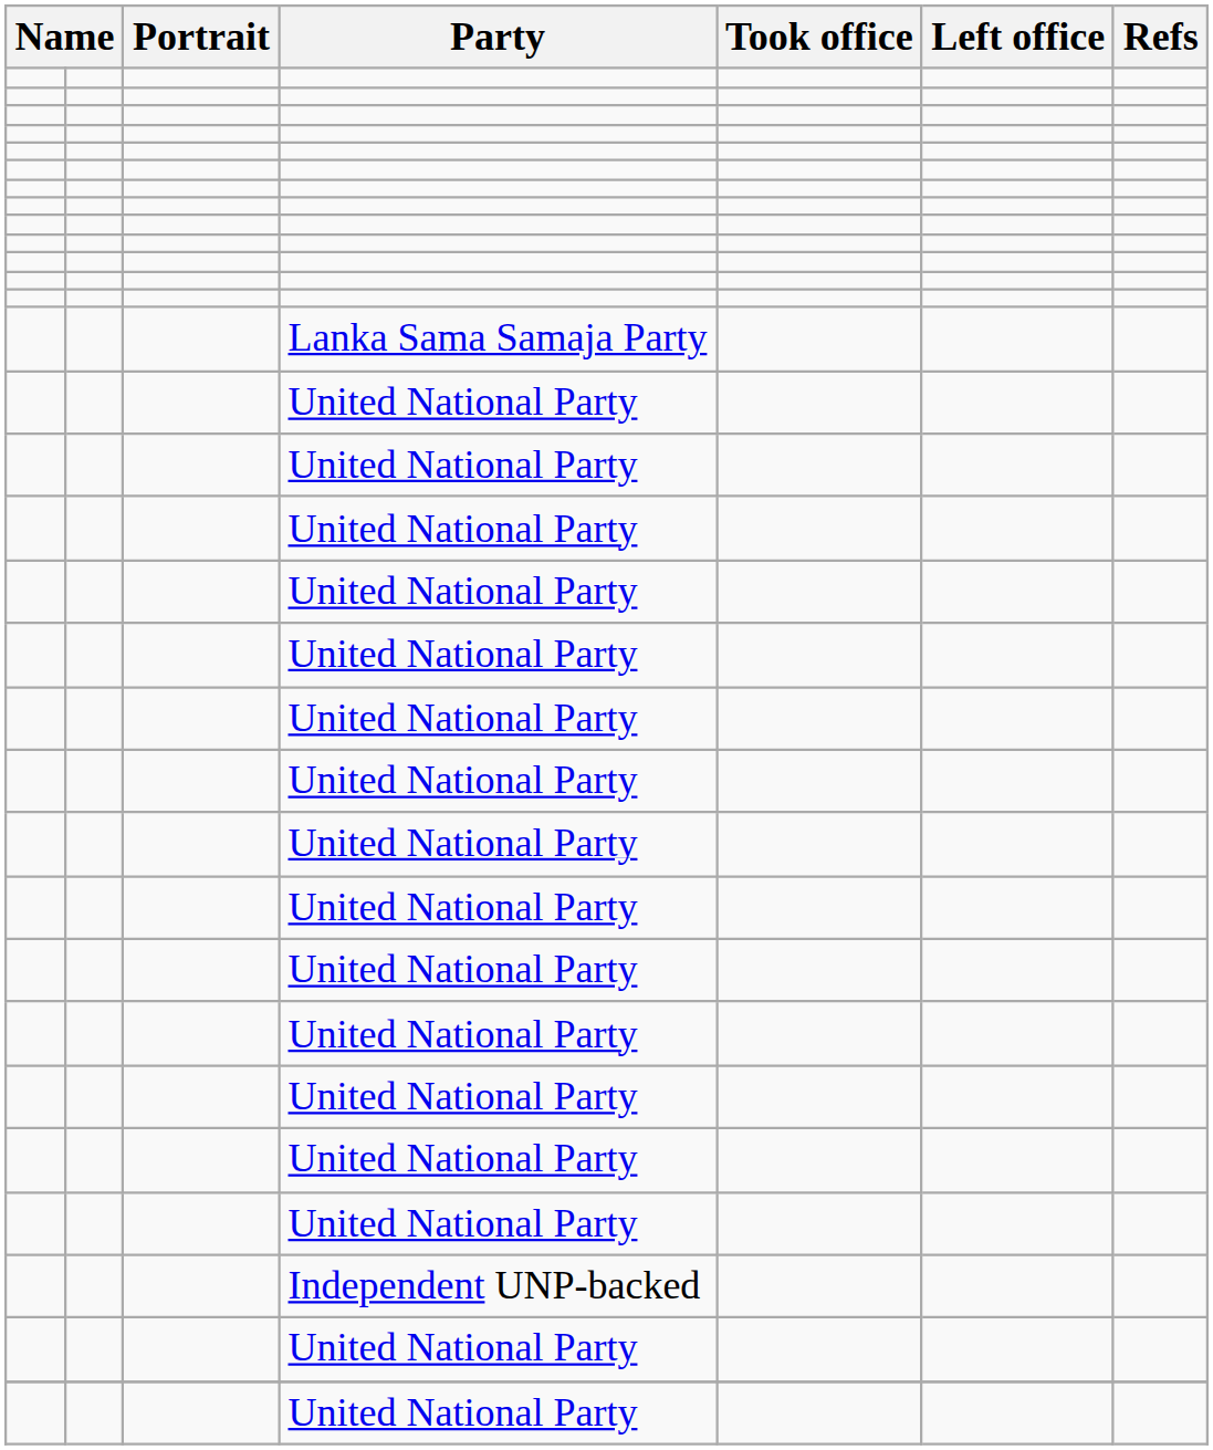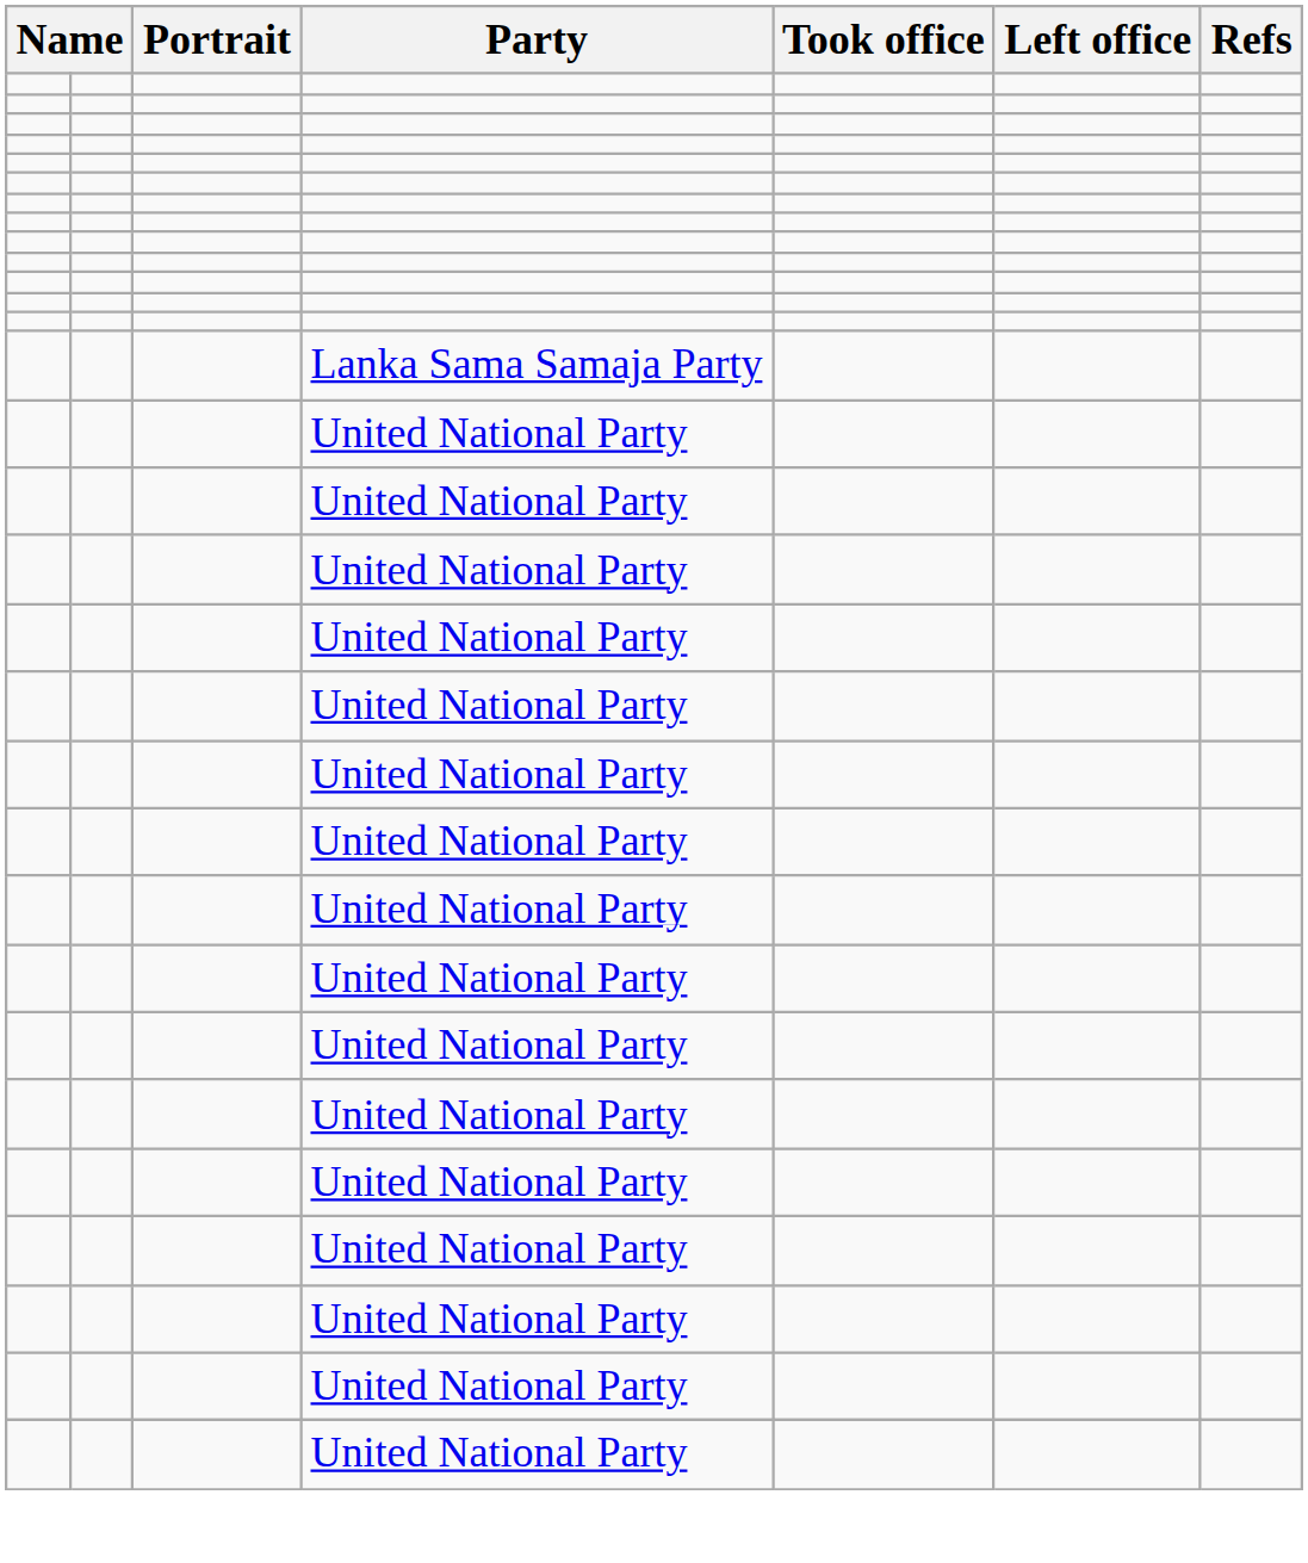 <table class="wikitable plainrowheaders sortable" style="font-size:100%; text-align:left;">
 <tr>
 <th scope=col colspan="2">Name</th>
 <th scope=col class=unsortable>Portrait</th>
 <th scope=col>Party</th>
 <th scope=col>Took office</th>
 <th scope=col>Left office</th>
 <th scope=col class=unsortable>Refs</th>
 </tr>
 <tr>
 <td></td>
 <td></td>
 <td></td>
 <td></td>
 <td align=center></td>
 <td align=center></td>
 <td></td>
 </tr>
 <tr>
 <td></td>
 <td></td>
 <td></td>
 <td></td>
 <td align=center></td>
 <td align=center></td>
 <td></td>
 </tr>
 <tr>
 <td></td>
 <td></td>
 <td></td>
 <td></td>
 <td align=center></td>
 <td align=center></td>
 <td></td>
 </tr>
 <tr>
 <td></td>
 <td></td>
 <td></td>
 <td></td>
 <td align=center></td>
 <td align=center></td>
 <td></td>
 </tr>
 <tr>
 <td></td>
 <td></td>
 <td></td>
 <td></td>
 <td align=center></td>
 <td align=center></td>
 <td></td>
 </tr>
 <tr>
 <td !align="center" style="background:"></td>
 <td></td>
 <td></td>
 <td></td>
 <td align=center></td>
 <td align=center></td>
 <td></td>
 </tr>
 <tr>
 <td !align="center" style="background:"></td>
 <td></td>
 <td></td>
 <td></td>
 <td align=center></td>
 <td align=center></td>
 <td></td>
 </tr>
 <tr>
 <td !align="center" style="background:"></td>
 <td></td>
 <td></td>
 <td></td>
 <td align=center></td>
 <td align=center></td>
 <td></td>
 </tr>
 <tr>
 <td !align="center" style="background:"></td>
 <td></td>
 <td></td>
 <td></td>
 <td align=center></td>
 <td align=center></td>
 <td></td>
 </tr>
 <tr>
 <td !align="center" style="background:"></td>
 <td></td>
 <td></td>
 <td></td>
 <td align=center></td>
 <td align=center></td>
 <td></td>
 </tr>
 <tr>
 <td !align="center" style="background:"></td>
 <td></td>
 <td></td>
 <td></td>
 <td align=center></td>
 <td align=center></td>
 <td></td>
 </tr>
 <tr>
 <td !align="center" style="background:"></td>
 <td></td>
 <td></td>
 <td></td>
 <td align=center></td>
 <td align=center></td>
 <td></td>
 </tr>
 <tr>
 <td !align="center" style="background:"></td>
 <td></td>
 <td></td>
 <td></td>
 <td align=center></td>
 <td align=center></td>
 <td></td>
 </tr>
 <tr>
 <td !align="center" style="background:"></td>
 <td></td>
 <td></td>
 <td><a href='#'>Lanka Sama Samaja Party</a></td>
 <td align=center></td>
 <td align=center></td>
 <td></td>
 </tr>
 <tr>
 <td !align="center" style="background:"></td>
 <td></td>
 <td></td>
 <td><a href='#'>United National Party</a></td>
 <td align=center></td>
 <td align=center></td>
 <td></td>
 </tr>
 <tr>
 <td !align="center" style="background:"></td>
 <td></td>
 <td></td>
 <td><a href='#'>United National Party</a></td>
 <td align=center></td>
 <td align=center></td>
 <td></td>
 </tr>
 <tr>
 <td !align="center" style="background:"></td>
 <td></td>
 <td></td>
 <td><a href='#'>United National Party</a></td>
 <td align=center></td>
 <td align=center></td>
 <td></td>
 </tr>
 <tr>
 <td !align="center" style="background:"></td>
 <td></td>
 <td></td>
 <td><a href='#'>United National Party</a></td>
 <td align=center></td>
 <td align=center></td>
 <td></td>
 </tr>
 <tr>
 <td !align="center" style="background:"></td>
 <td></td>
 <td></td>
 <td><a href='#'>United National Party</a></td>
 <td align=center></td>
 <td align=center></td>
 <td></td>
 </tr>
 <tr>
 <td !align="center" style="background:"></td>
 <td></td>
 <td></td>
 <td><a href='#'>United National Party</a></td>
 <td align=center></td>
 <td align=center></td>
 <td></td>
 </tr>
 <tr>
 <td !align="center" style="background:"></td>
 <td></td>
 <td align=center></td>
 <td><a href='#'>United National Party</a></td>
 <td align=center></td>
 <td align=center></td>
 <td></td>
 </tr>
 <tr>
 <td !align="center" style="background:"></td>
 <td></td>
 <td></td>
 <td><a href='#'>United National Party</a></td>
 <td align=center></td>
 <td align=center></td>
 <td></td>
 </tr>
 <tr>
 <td !align="center" style="background:"></td>
 <td></td>
 <td></td>
 <td><a href='#'>United National Party</a></td>
 <td align=center></td>
 <td align=center></td>
 <td></td>
 </tr>
 <tr>
 <td !align="center" style="background:"></td>
 <td></td>
 <td></td>
 <td><a href='#'>United National Party</a></td>
 <td align=center></td>
 <td align=center></td>
 <td></td>
 </tr>
 <tr>
 <td !align="center" style="background:"></td>
 <td></td>
 <td></td>
 <td><a href='#'>United National Party</a></td>
 <td align=center></td>
 <td align=center></td>
 <td></td>
 </tr>
 <tr>
 <td !align="center" style="background:"></td>
 <td></td>
 <td align=center></td>
 <td><a href='#'>United National Party</a></td>
 <td align=center></td>
 <td align=center></td>
 <td></td>
 </tr>
 <tr>
 <td !align="center" style="background:"></td>
 <td></td>
 <td></td>
 <td><a href='#'>United National Party</a></td>
 <td align=center></td>
 <td align=center></td>
 <td></td>
 </tr>
 <tr>
 <td !align="center" style="background:"></td>
 <td></td>
 <td></td>
 <td><a href='#'>United National Party</a></td>
 <td align=center></td>
 <td align=center></td>
 <td></td>
 </tr>
 <tr>
 <td !align="center" style="background:"></td>
 <td></td>
 <td></td>
-<td><a href='#'>Independent</a> UNP-backed</td>
-<td align=center></td>
-<td align=center></td>
-<td></td>
-</tr>
-<tr>
-<td !align="center" style="background:"></td>
-<td></td>
-<td></td>
 <td><a href='#'>United National Party</a></td>
 <td align=center></td>
 <td align=center></td>
 <td></td>
 </tr>
 <tr Vacant>
 </tr>
 <tr>
 <td !align="center" style="background:"></td>
 <td></td>
 <td align=center></td>
 <td><a href='#'>United National Party</a></td>
 <td align=center></td>
 <td align=center></td>
 <td></td>
 </tr>
 </table>
